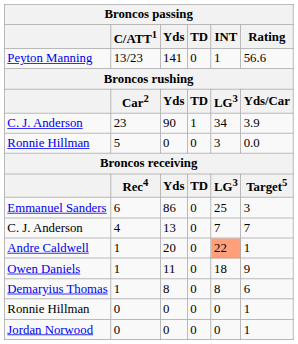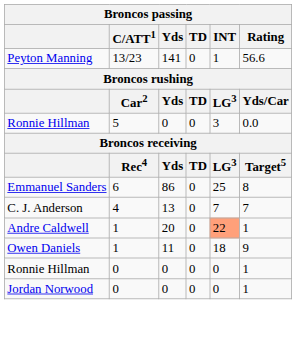 <table class="wikitable">
 <tr>
 <th colspan="6">Broncos passing</th>
 </tr>
 <tr>
 <th></th>
 <th>C/ATT<sup>1</sup></th>
 <th>Yds</th>
 <th>TD</th>
 <th>INT</th>
 <th>Rating</th>
 </tr>
 <tr>
 <td><a href='#'>Peyton Manning</a></td>
 <td>13/23</td>
 <td>141</td>
 <td>0</td>
 <td>1</td>
 <td>56.6</td>
 </tr>
 <tr>
 <th colspan="6">Broncos rushing</th>
 </tr>
 <tr>
 <th></th>
 <th>Car<sup>2</sup></th>
 <th>Yds</th>
 <th>TD</th>
 <th>LG<sup>3</sup></th>
 <th>Yds/Car</th>
 </tr>
 <tr>
-<td><a href='#'>C. J. Anderson</a></td>
-<td>23</td>
-<td>90</td>
-<td>1</td>
-<td>34</td>
-<td>3.9</td>
-</tr>
-<tr>
 <td><a href='#'>Ronnie Hillman</a></td>
 <td>5</td>
 <td>0</td>
 <td>0</td>
 <td>3</td>
 <td>0.0</td>
 </tr>
 <tr>
 <th colspan="6">Broncos receiving</th>
 </tr>
 <tr>
 <th></th>
 <th>Rec<sup>4</sup></th>
 <th>Yds</th>
 <th>TD</th>
 <th>LG<sup>3</sup></th>
 <th>Target<sup>5</sup></th>
 </tr>
 <tr>
 <td><a href='#'>Emmanuel Sanders</a></td>
 <td>6</td>
 <td>86</td>
 <td>0</td>
 <td>25</td>
-<td>3</td>
+<td>8</td>
 </tr>
 <tr>
 <td>C. J. Anderson</td>
 <td>4</td>
 <td>13</td>
 <td>0</td>
 <td>7</td>
 <td>7</td>
 </tr>
 <tr>
 <td><a href='#'>Andre Caldwell</a></td>
 <td>1</td>
 <td>20</td>
 <td>0</td>
 <td style="background: lightsalmon;">22</td>
 <td>1</td>
 </tr>
 <tr>
 <td><a href='#'>Owen Daniels</a></td>
 <td>1</td>
 <td>11</td>
 <td>0</td>
 <td>18</td>
 <td>9</td>
 </tr>
 <tr>
-<td><a href='#'>Demaryius Thomas</a></td>
-<td>1</td>
-<td>8</td>
-<td>0</td>
-<td>8</td>
-<td>6</td>
-</tr>
-<tr>
 <td>Ronnie Hillman</td>
 <td>0</td>
 <td>0</td>
 <td>0</td>
 <td>0</td>
 <td>1</td>
 </tr>
 <tr>
 <td><a href='#'>Jordan Norwood</a></td>
 <td>0</td>
 <td>0</td>
 <td>0</td>
 <td>0</td>
 <td>1</td>
 </tr>
 </table>
